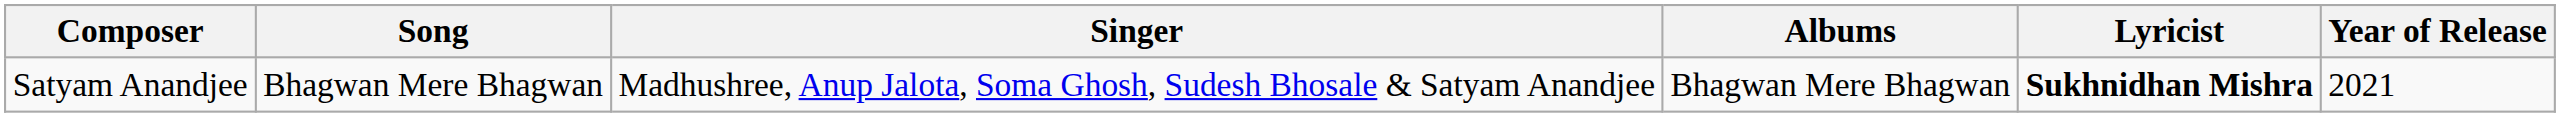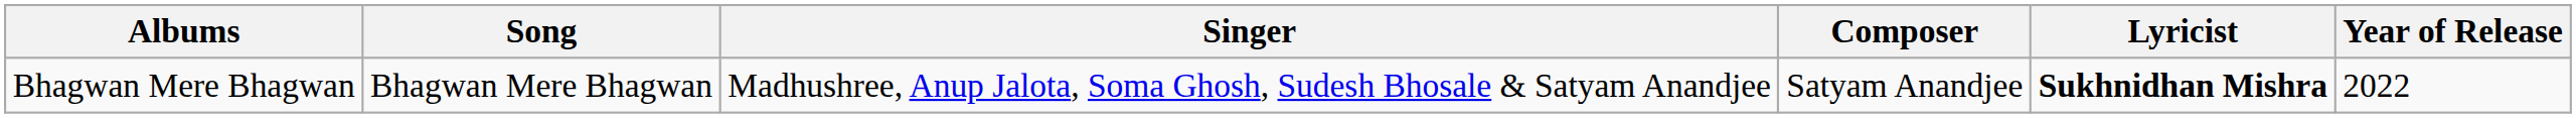 <table class="wikitable sortable">
 <tr>
-<th>Composer</th>
+<th>Albums</th>
 <th>Song</th>
 <th>Singer</th>
-<th>Albums</th>
+<th>Composer</th>
 <th>Lyricist</th>
 <th>Year of Release</th>
 </tr>
 <tr>
-<td>Satyam Anandjee</td>
+<td>Bhagwan Mere Bhagwan</td>
 <td>Bhagwan Mere Bhagwan</td>
 <td>Madhushree, <a href='#'>Anup Jalota</a>, <a href='#'>Soma Ghosh</a>, <a href='#'>Sudesh Bhosale</a> & Satyam Anandjee</td>
-<td>Bhagwan Mere Bhagwan</td>
+<td>Satyam Anandjee</td>
 <td><strong>Sukhnidhan Mishra</strong></td>
-<td>2021</td>
+<td>2022</td>
 </tr>
 </table>
